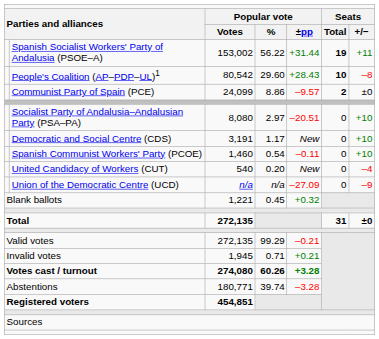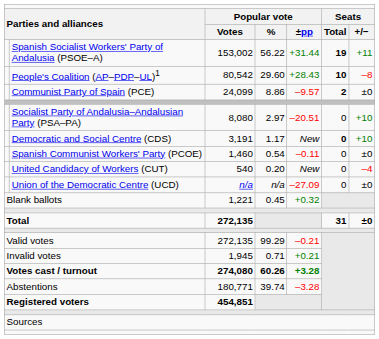 <table class="wikitable" style="text-align:right;">
 <tr>
 <td colspan="7"></td>
 </tr>
 <tr>
 <th style="text-align:left;" rowspan="2" colspan="2" width="525">Parties and alliances</th>
 <th colspan="3">Popular vote</th>
 <th colspan="2">Seats</th>
 </tr>
 <tr>
 <th width="75">Votes</th>
 <th width="45">%</th>
 <th width="45">±<a href='#'>pp</a></th>
 <th width="35">Total</th>
 <th width="35">+/−</th>
 </tr>
 <tr>
 <td width="1" style="color:inherit;background:"></td>
 <td align="left"><a href='#'>Spanish Socialist Workers' Party of Andalusia</a> (PSOE–A)</td>
 <td>153,002</td>
 <td>56.22</td>
 <td style="color:green;">+31.44</td>
 <td><strong>19</strong></td>
 <td style="color:green;">+11</td>
 </tr>
 <tr>
 <td style="color:inherit;background:"></td>
 <td align="left"><a href='#'>People's Coalition</a> (<a href='#'>AP</a>–<a href='#'>PDP</a>–<a href='#'>UL</a>)<sup>1</sup></td>
 <td>80,542</td>
 <td>29.60</td>
 <td style="color:green;">+28.43</td>
 <td><strong>10</strong></td>
 <td style="color:red;">–8</td>
 </tr>
 <tr>
 <td style="color:inherit;background:"></td>
 <td align="left"><a href='#'>Communist Party of Spain</a> (PCE)</td>
 <td>24,099</td>
 <td>8.86</td>
 <td style="color:red;">–9.57</td>
 <td><strong>2</strong></td>
 <td>±0</td>
 </tr>
 <tr>
 <td colspan="7" bgcolor="#C0C0C0"></td>
 </tr>
 <tr>
 <td style="color:inherit;background:"></td>
 <td align="left"><a href='#'>Socialist Party of Andalusia–Andalusian Party</a> (PSA–PA)</td>
 <td>8,080</td>
 <td>2.97</td>
 <td style="color:red;">–20.51</td>
 <td>0</td>
 <td style="color:green;">+10</td>
 </tr>
 <tr>
 <td style="color:inherit;background:"></td>
 <td align="left"><a href='#'>Democratic and Social Centre</a> (CDS)</td>
 <td>3,191</td>
 <td>1.17</td>
 <td><em>New</em></td>
-<td>0</td>
+<td><strong>0</strong></td>
 <td style="color:green;">+10</td>
 </tr>
 <tr>
 <td style="color:inherit;background:"></td>
 <td align="left"><a href='#'>Spanish Communist Workers' Party</a> (PCOE)</td>
 <td>1,460</td>
 <td>0.54</td>
 <td style="color:red;">–0.11</td>
 <td>0</td>
-<td style="color:green;">+10</td>
+<td>±0</td>
 </tr>
 <tr>
 <td style="color:inherit;background:"></td>
 <td align="left"><a href='#'>United Candidacy of Workers</a> (CUT)</td>
 <td>540</td>
 <td>0.20</td>
 <td><em>New</em></td>
 <td>0</td>
 <td style="color:red;">–4</td>
 </tr>
 <tr>
 <td style="color:inherit;background:"></td>
 <td align="left"><a href='#'>Union of the Democratic Centre</a> (UCD)</td>
 <td><em><a href='#'>n/a</a></em></td>
 <td><em>n/a</em></td>
 <td style="color:red;">–27.09</td>
 <td>0</td>
-<td style="color:red;">–9</td>
+<td>±0</td>
 </tr>
 <tr>
 <td align="left" colspan="2">Blank ballots</td>
 <td>1,221</td>
 <td>0.45</td>
 <td style="color:green;">+0.32</td>
 <td bgcolor="#E9E9E9" colspan="2"></td>
 </tr>
 <tr>
 <td colspan="7" bgcolor="#E9E9E9"></td>
 </tr>
 <tr style="font-weight:bold;">
 <td align="left" colspan="2">Total</td>
 <td>272,135</td>
 <td bgcolor="#E9E9E9" colspan="2"></td>
 <td>31</td>
 <td>±0</td>
 </tr>
 <tr>
 <td colspan="7" bgcolor="#E9E9E9"></td>
 </tr>
 <tr>
 <td align="left" colspan="2">Valid votes</td>
 <td>272,135</td>
 <td>99.29</td>
 <td style="color:red;">–0.21</td>
 <td bgcolor="#E9E9E9" colspan="2" rowspan="5"></td>
 </tr>
 <tr>
 <td align="left" colspan="2">Invalid votes</td>
 <td>1,945</td>
 <td>0.71</td>
 <td style="color:green;">+0.21</td>
 </tr>
 <tr style="font-weight:bold;">
 <td align="left" colspan="2">Votes cast / turnout</td>
 <td>274,080</td>
 <td>60.26</td>
 <td style="color:green;">+3.28</td>
 </tr>
 <tr>
 <td align="left" colspan="2">Abstentions</td>
 <td>180,771</td>
 <td>39.74</td>
 <td style="color:red;">–3.28</td>
 </tr>
 <tr style="font-weight:bold;">
 <td align="left" colspan="2">Registered voters</td>
 <td>454,851</td>
 <td bgcolor="#E9E9E9" colspan="2"></td>
 </tr>
 <tr>
 <td colspan="7" bgcolor="#E9E9E9"></td>
 </tr>
 <tr>
 <td align="left" colspan="7">Sources</td>
 </tr>
 <tr>
 <td colspan="7" style="text-align:left; max-width:790px;"></td>
 </tr>
 </table>
